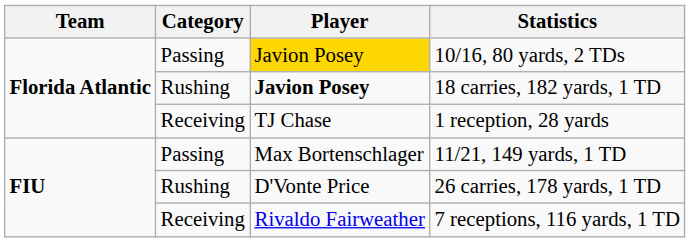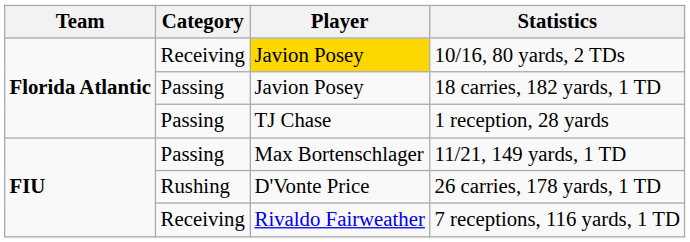 <table class="wikitable" style="float: left;">
 <tr>
 <th>Team</th>
 <th>Category</th>
 <th>Player</th>
 <th>Statistics</th>
 </tr>
 <tr>
 <td rowspan=3><strong>Florida Atlantic</strong></td>
-<td>Passing</td>
+<td>Receiving</td>
 <td style="background: gold;">Javion Posey</td>
 <td>10/16, 80 yards, 2 TDs</td>
 </tr>
 <tr>
-<td>Rushing</td>
-<td><strong>Javion Posey</strong></td>
+<td>Passing</td>
+<td>Javion Posey</td>
 <td>18 carries, 182 yards, 1 TD</td>
 </tr>
 <tr>
-<td>Receiving</td>
+<td>Passing</td>
 <td>TJ Chase</td>
 <td>1 reception, 28 yards</td>
 </tr>
 <tr>
 <td rowspan=3><strong>FIU</strong></td>
 <td>Passing</td>
 <td>Max Bortenschlager</td>
 <td>11/21, 149 yards, 1 TD</td>
 </tr>
 <tr>
 <td>Rushing</td>
 <td>D'Vonte Price</td>
 <td>26 carries, 178 yards, 1 TD</td>
 </tr>
 <tr>
 <td>Receiving</td>
 <td><a href='#'>Rivaldo Fairweather</a></td>
 <td>7 receptions, 116 yards, 1 TD</td>
 </tr>
 </table>
